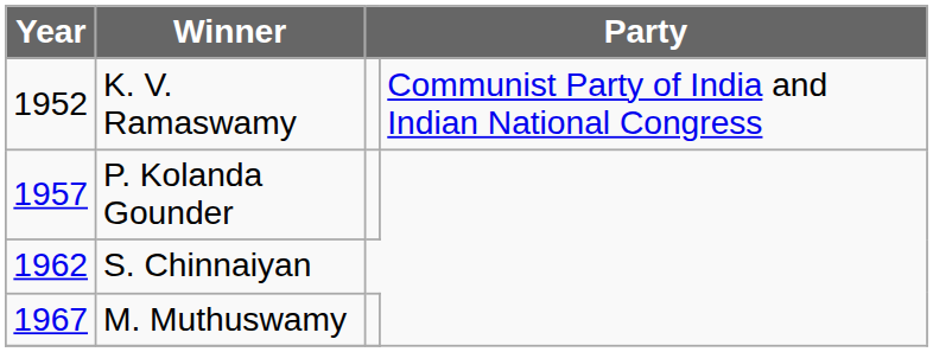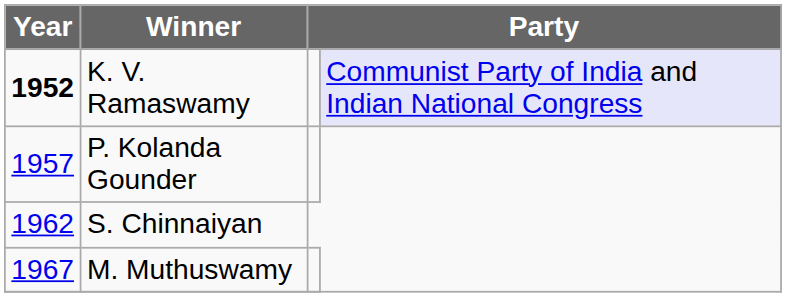 <table class="wikitable" width="50%">
 <tr>
 <th style="background-color:#666666; color:white">Year</th>
 <th style="background-color:#666666; color:white">Winner</th>
 <th style="background-color:#666666; color:white" colspan="2">Party</th>
 </tr>
 <tr>
-<td>1952</td>
+<td><strong>1952</strong></td>
 <td>K. V. Ramaswamy</td>
 <td></td>
-<td><a href='#'>Communist Party of India</a> and <a href='#'>Indian National Congress</a></td>
+<td style="background: lavender;"><a href='#'>Communist Party of India</a> and <a href='#'>Indian National Congress</a></td>
 </tr>
 <tr>
 <td><a href='#'>1957</a></td>
 <td>P. Kolanda Gounder</td>
 <td></td>
 </tr>
 <tr>
 <td><a href='#'>1962</a></td>
 <td>S. Chinnaiyan</td>
 </tr>
 <tr>
 <td><a href='#'>1967</a></td>
 <td>M. Muthuswamy</td>
 <td></td>
 </tr>
 <tr>
 </tr>
 </table>
